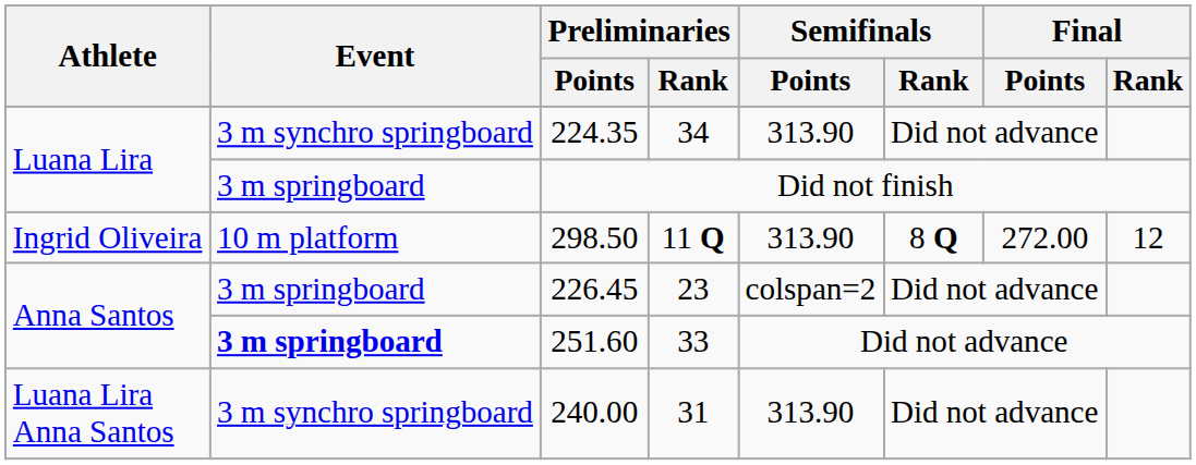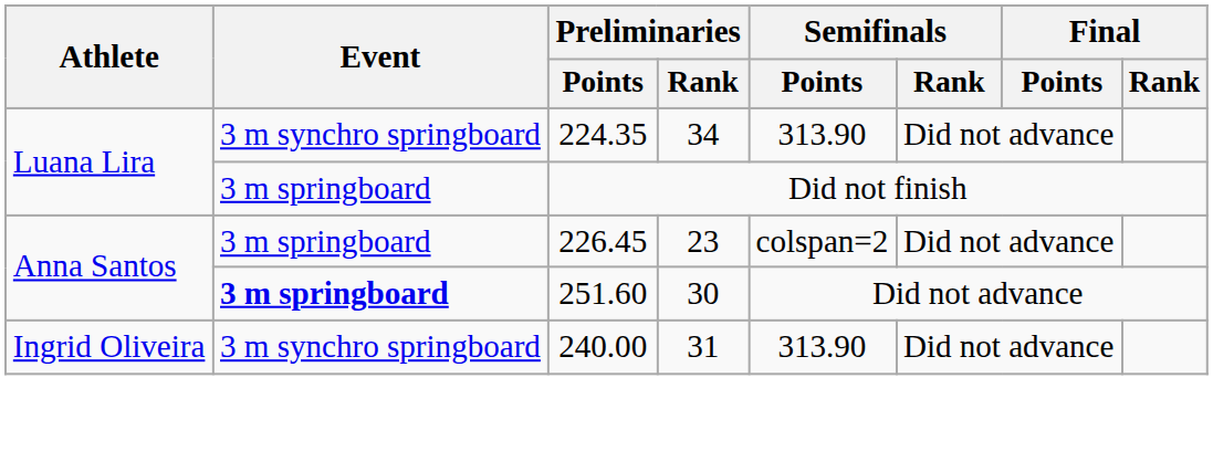 <table class="wikitable" style="text-align:center; font-size:90%;">
 <tr>
 <th rowspan=2>Athlete</th>
 <th rowspan=2>Event</th>
 <th colspan=2>Preliminaries</th>
 <th colspan=2>Semifinals</th>
 <th colspan=2>Final</th>
 </tr>
 <tr style="font-size:95%">
 <th>Points</th>
 <th>Rank</th>
 <th>Points</th>
 <th>Rank</th>
 <th>Points</th>
 <th>Rank</th>
 </tr>
 <tr>
 <td align=left rowspan=2><a href='#'>Luana Lira</a></td>
 <td align=left><a href='#'>3 m synchro springboard</a></td>
 <td>224.35</td>
 <td>34</td>
 <td>313.90</td>
 <td colspan=2>Did not advance</td>
 </tr>
 <tr>
 <td align=left><a href='#'>3 m springboard</a></td>
 <td colspan=6>Did not finish</td>
 </tr>
 <tr>
-<td align=left><a href='#'>Ingrid Oliveira</a></td>
-<td align=left><a href='#'>10 m platform</a></td>
-<td>298.50</td>
-<td>11 <strong>Q</strong></td>
-<td>313.90</td>
-<td>8 <strong>Q</strong></td>
-<td>272.00</td>
-<td>12</td>
-</tr>
-<tr>
 <td align=left rowspan=2><a href='#'>Anna Santos</a></td>
 <td align=left><a href='#'>3 m springboard</a></td>
 <td>226.45</td>
 <td>23</td>
 <td>colspan=2 </td>
 <td colspan=2>Did not advance</td>
 </tr>
 <tr>
 <td align=left><strong><a href='#'>3 m springboard</a></strong></td>
 <td>251.60</td>
-<td>33</td>
+<td>30</td>
 <td colspan=4>Did not advance</td>
 </tr>
 <tr>
-<td align=left><a href='#'>Luana Lira</a><br> <a href='#'>Anna Santos</a></td>
+<td align=left><a href='#'>Ingrid Oliveira</a></td>
 <td align=left><a href='#'>3 m synchro springboard</a></td>
 <td>240.00</td>
 <td>31</td>
 <td>313.90</td>
 <td colspan=2>Did not advance</td>
 </tr>
 </table>
